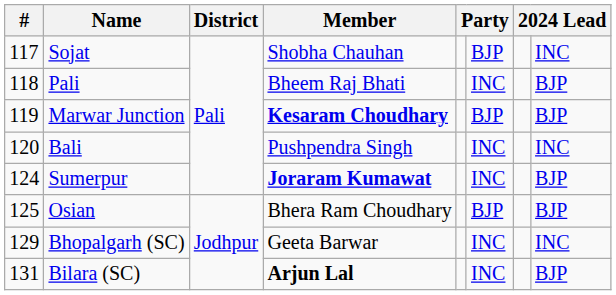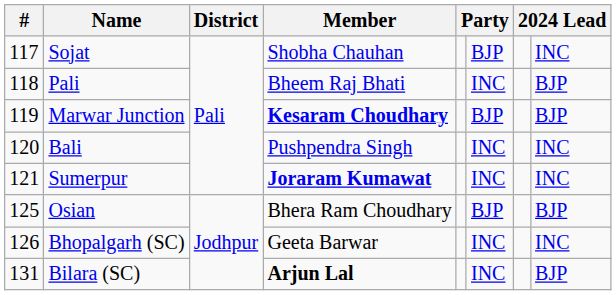 <table class="wikitable">
 <tr>
 <th>#</th>
 <th>Name</th>
 <th>District</th>
 <th>Member</th>
 <th colspan="2">Party</th>
 <th colspan="2">2024 Lead</th>
 </tr>
 <tr>
 <td>117</td>
 <td><a href='#'>Sojat</a></td>
 <td rowspan="5"><a href='#'>Pali</a></td>
 <td><a href='#'>Shobha Chauhan</a></td>
 <td style="background-color: "></td>
 <td><a href='#'>BJP</a></td>
 <td style="background-color: "></td>
 <td><a href='#'>INC</a></td>
 </tr>
 <tr>
 <td>118</td>
 <td><a href='#'>Pali</a></td>
 <td><a href='#'>Bheem Raj Bhati</a></td>
 <td style="background-color: "></td>
 <td><a href='#'>INC</a></td>
 <td style="background-color: "></td>
 <td><a href='#'>BJP</a></td>
 </tr>
 <tr>
 <td>119</td>
 <td><a href='#'>Marwar Junction</a></td>
 <td><strong><a href='#'>Kesaram Choudhary</a></strong></td>
 <td style="background-color: "></td>
 <td><a href='#'>BJP</a></td>
 <td style="background-color: "></td>
 <td><a href='#'>BJP</a></td>
 </tr>
 <tr>
 <td>120</td>
 <td><a href='#'>Bali</a></td>
 <td><a href='#'>Pushpendra Singh</a></td>
 <td style="background-color: "></td>
 <td><a href='#'>INC</a></td>
 <td style="background-color: "></td>
 <td><a href='#'>INC</a></td>
 </tr>
 <tr>
-<td>124</td>
+<td>121</td>
 <td><a href='#'>Sumerpur</a></td>
 <td><strong><a href='#'>Joraram Kumawat</a></strong></td>
 <td style="background-color: "></td>
 <td><a href='#'>INC</a></td>
 <td style="background-color: "></td>
-<td><a href='#'>BJP</a></td>
+<td><a href='#'>INC</a></td>
 </tr>
 <tr>
 <td>125</td>
 <td><a href='#'>Osian</a></td>
 <td rowspan="3"><a href='#'>Jodhpur</a></td>
 <td>Bhera Ram Choudhary</td>
 <td style="background-color: "></td>
 <td><a href='#'>BJP</a></td>
 <td style="background-color: "></td>
 <td><a href='#'>BJP</a></td>
 </tr>
 <tr>
-<td>129</td>
+<td>126</td>
 <td><a href='#'>Bhopalgarh</a> (SC)</td>
 <td>Geeta Barwar</td>
 <td style="background-color: "></td>
 <td><a href='#'>INC</a></td>
 <td style="background-color: "></td>
 <td><a href='#'>INC</a></td>
 </tr>
 <tr>
 <td>131</td>
 <td><a href='#'>Bilara</a> (SC)</td>
 <td><strong>Arjun Lal</strong></td>
 <td style="background-color: "></td>
 <td><a href='#'>INC</a></td>
 <td style="background-color: "></td>
 <td><a href='#'>BJP</a></td>
 </tr>
 </table>
